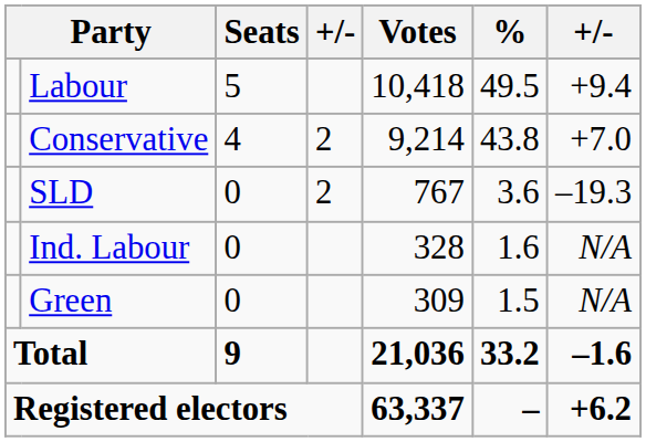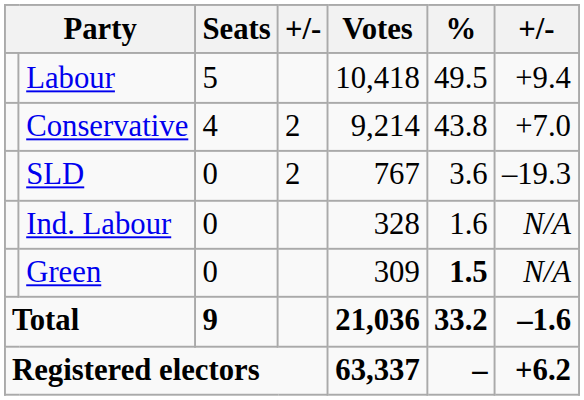 <table class="wikitable sortable">
 <tr>
 <th colspan="2">Party</th>
 <th>Seats</th>
 <th>+/-</th>
 <th>Votes</th>
 <th>%</th>
 <th>+/-</th>
 </tr>
 <tr>
 <td style="background-color: "></td>
 <td><a href='#'>Labour</a></td>
 <td>5</td>
 <td></td>
 <td style="text-align:right;">10,418</td>
 <td style="text-align:right;">49.5</td>
 <td style="text-align:right;">+9.4</td>
 </tr>
 <tr>
 <td style="background-color: "></td>
 <td><a href='#'>Conservative</a></td>
 <td>4</td>
 <td> 2</td>
 <td style="text-align:right;">9,214</td>
 <td style="text-align:right;">43.8</td>
 <td style="text-align:right;">+7.0</td>
 </tr>
 <tr>
 <td style="background-color: "></td>
 <td><a href='#'>SLD</a></td>
 <td>0</td>
 <td> 2</td>
 <td style="text-align:right;">767</td>
 <td style="text-align:right;">3.6</td>
 <td style="text-align:right;">–19.3</td>
 </tr>
 <tr>
 <td style="background-color: "></td>
 <td><a href='#'>Ind. Labour</a></td>
 <td>0</td>
 <td></td>
 <td style="text-align:right;">328</td>
 <td style="text-align:right;">1.6</td>
 <td style="text-align:right;"><em>N/A</em></td>
 </tr>
 <tr>
 <td style="background-color: "></td>
 <td><a href='#'>Green</a></td>
 <td>0</td>
 <td></td>
 <td style="text-align:right;">309</td>
-<td style="text-align:right;">1.5</td>
+<td style="text-align:right;"><strong>1.5</strong></td>
 <td style="text-align:right;"><em>N/A</em></td>
 </tr>
 <tr>
 <td colspan="2"><strong>Total</strong></td>
 <td><strong>9</strong></td>
 <td></td>
 <td style="text-align:right;"><strong>21,036</strong></td>
 <td style="text-align:right;"><strong>33.2</strong></td>
 <td style="text-align:right;"><strong>–1.6</strong></td>
 </tr>
 <tr>
 <td colspan="4"><strong>Registered electors</strong></td>
 <td style="text-align:right;"><strong>63,337</strong></td>
 <td style="text-align:right;"><strong>–</strong></td>
 <td style="text-align:right;"><strong>+6.2</strong></td>
 </tr>
 </table>
